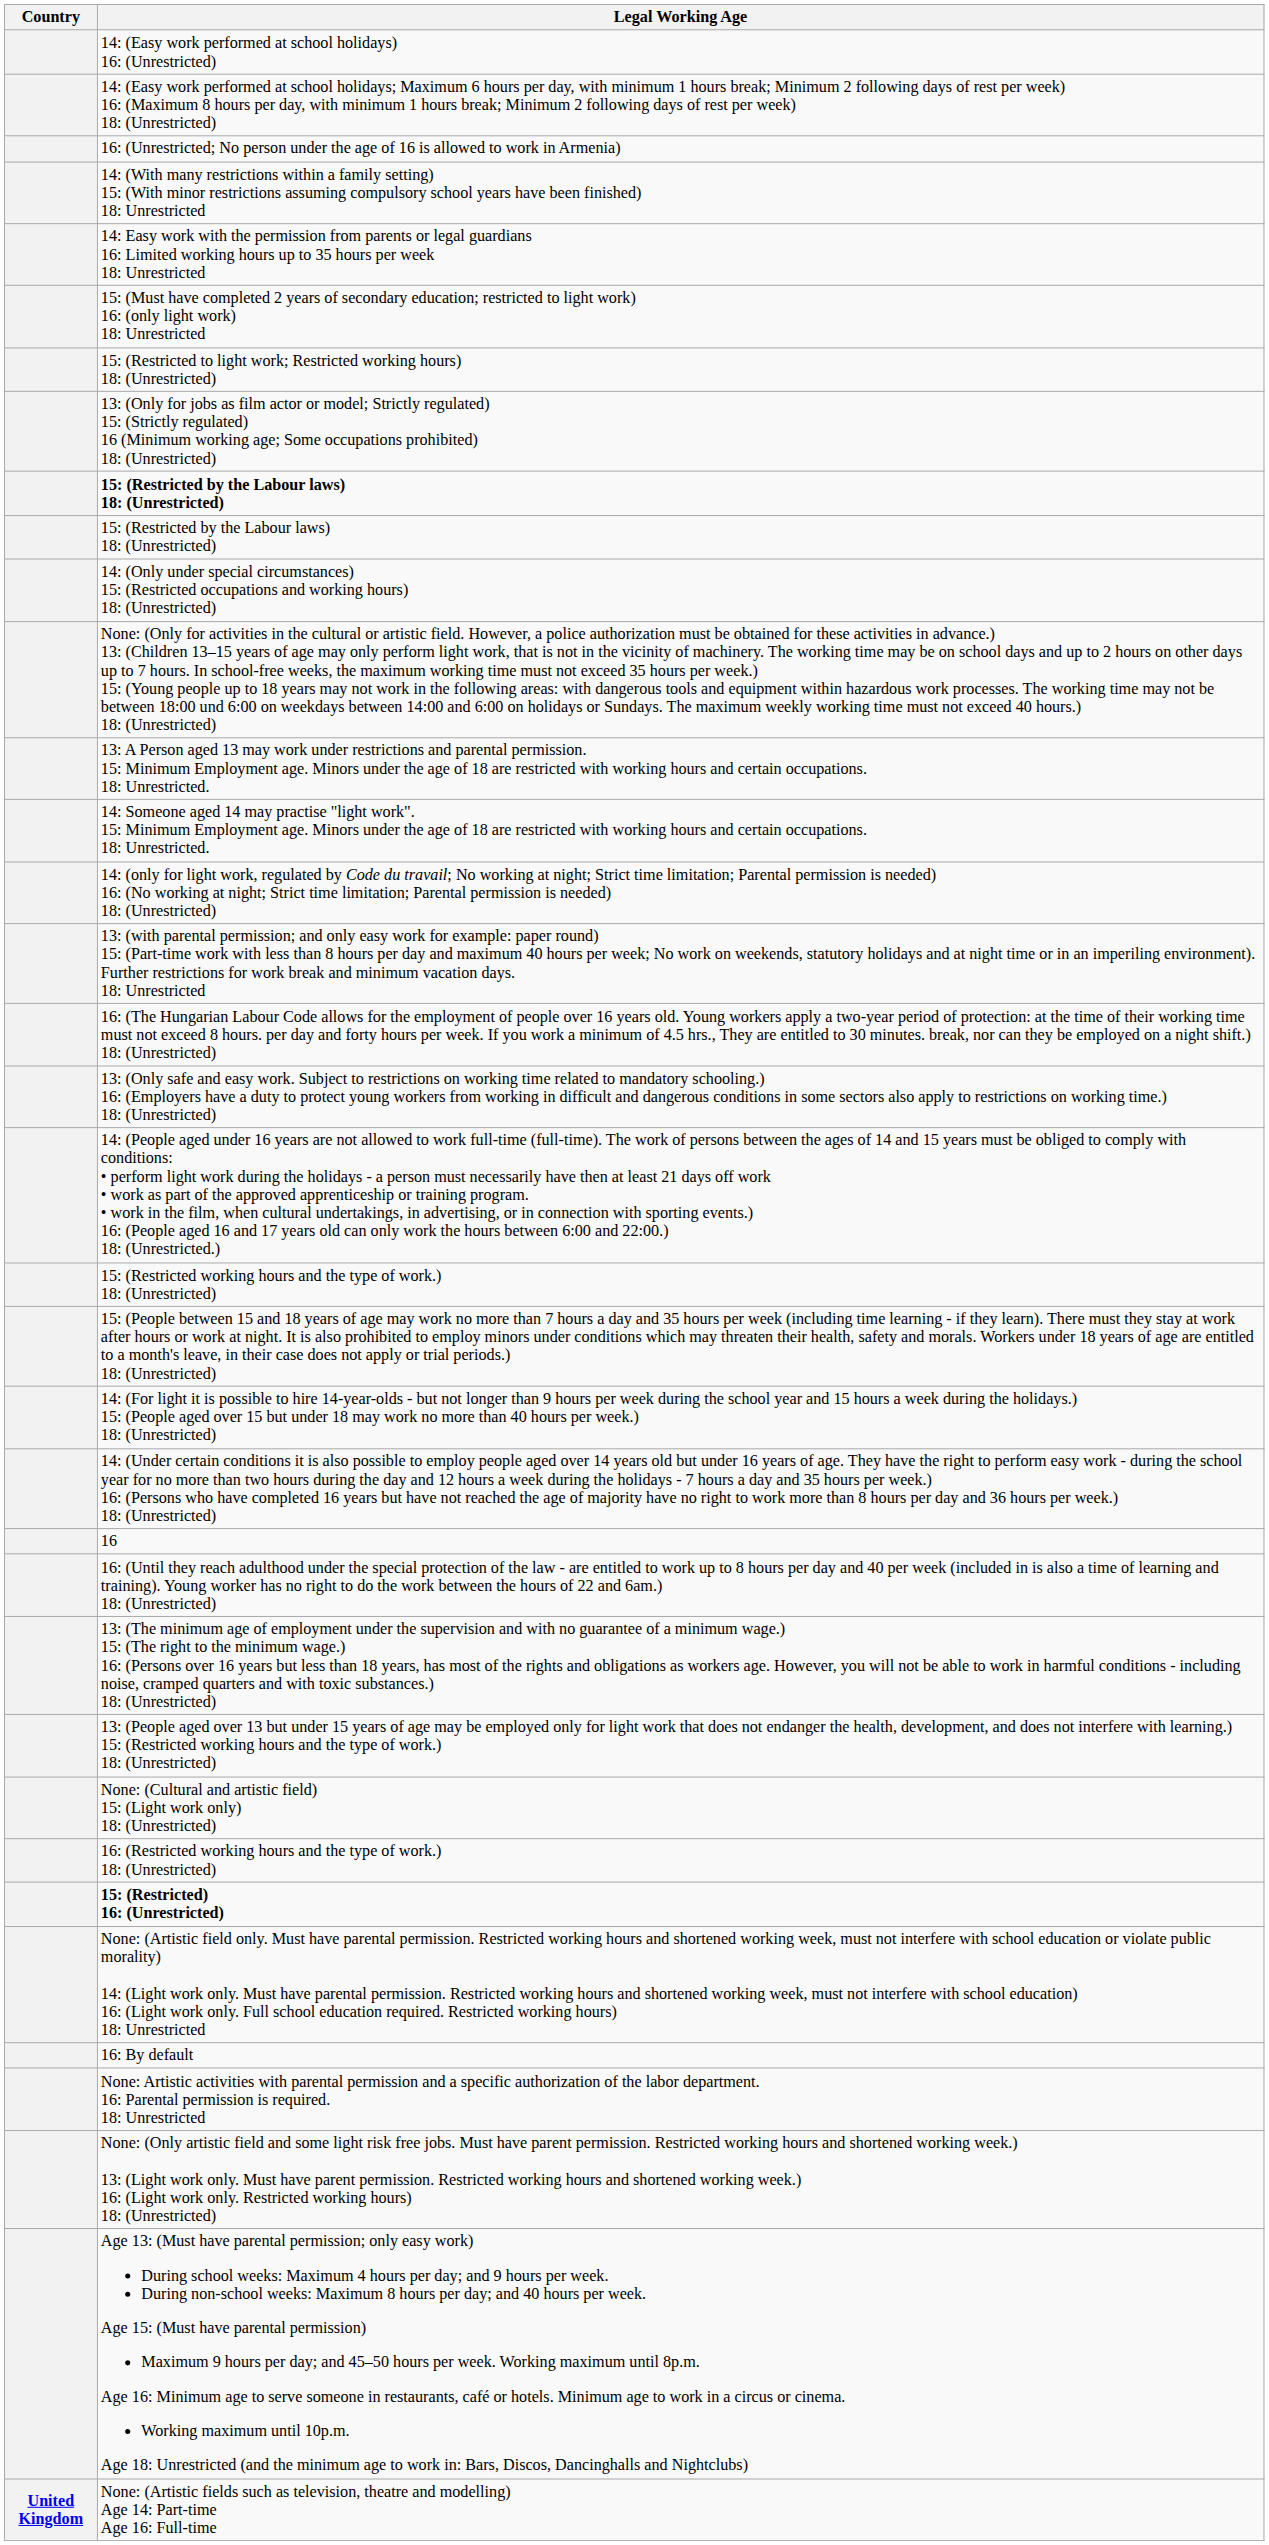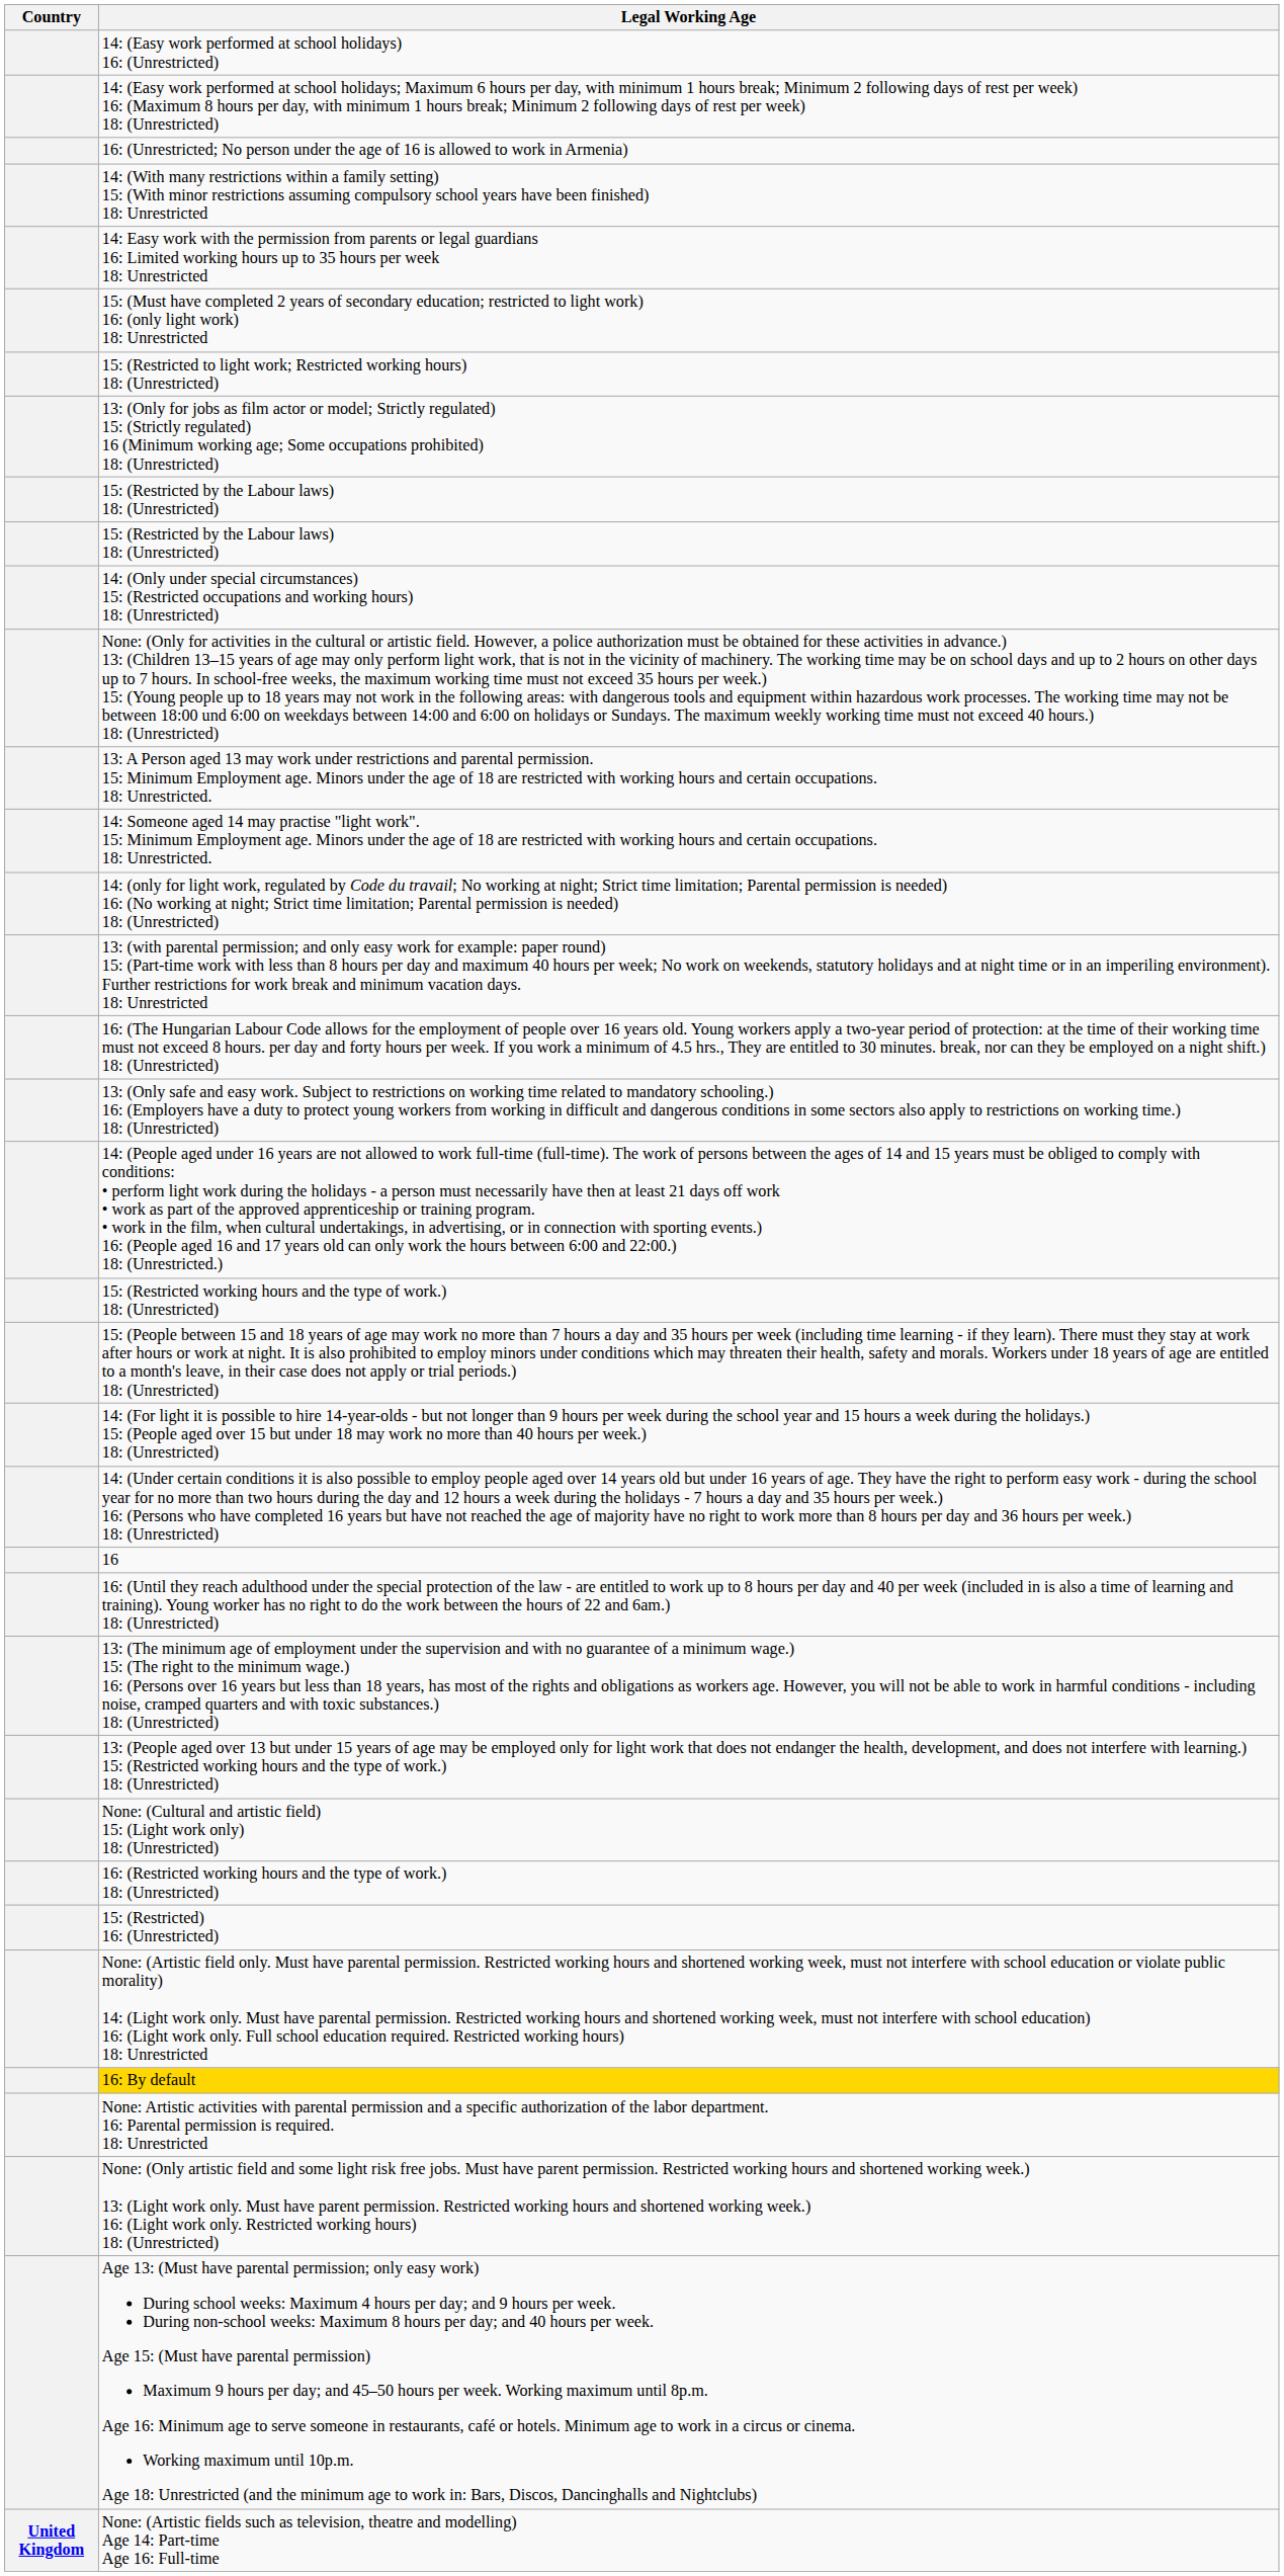 <table class="wikitable">
 <tr>
 <th>Country</th>
 <th>Legal Working Age</th>
 </tr>
 <tr>
 <th style="text-align: left;"></th>
 <td>14: (Easy work performed at school holidays)<br>16: (Unrestricted)</td>
 </tr>
 <tr>
 <th style="text-align: left;"></th>
 <td>14: (Easy work performed at school holidays; Maximum 6 hours per day, with minimum 1 hours break; Minimum 2 following days of rest per week)<br> 16: (Maximum 8 hours per day, with minimum 1 hours break; Minimum 2 following days of rest per week)<br>18: (Unrestricted)</td>
 </tr>
 <tr>
 <th style="text-align: left;"></th>
 <td>16: (Unrestricted; No person under the age of 16 is allowed to work in Armenia)</td>
 </tr>
 <tr>
 <th style="text-align: left;"></th>
 <td>14: (With many restrictions within a family setting)<br> 15: (With minor restrictions assuming compulsory school years have been finished)<br> 18: Unrestricted</td>
 </tr>
 <tr>
 <th style="text-align: left;"></th>
 <td>14: Easy work with the permission from parents or legal guardians<br> 16: Limited working hours up to 35 hours per week<br> 18: Unrestricted</td>
 </tr>
 <tr>
 <th style="text-align: left;"></th>
 <td>15: (Must have completed 2 years of secondary education; restricted to light work)<br>16: (only light work)<br>18: Unrestricted</td>
 </tr>
 <tr>
 <th style="text-align: left;"></th>
 <td>15: (Restricted to light work; Restricted working hours)<br>18: (Unrestricted)</td>
 </tr>
 <tr>
 <th style="text-align: left;"></th>
 <td>13: (Only for jobs as film actor or model; Strictly regulated)<br>15: (Strictly regulated)<br>16 (Minimum working age; Some occupations prohibited)<br>18: (Unrestricted)</td>
 </tr>
 <tr>
 <th style="text-align: left;"></th>
-<td><strong>15: (Restricted by the Labour laws)<br>18: (Unrestricted)</strong></td>
+<td>15: (Restricted by the Labour laws)<br>18: (Unrestricted)</td>
 </tr>
 <tr>
 <th style="text-align: left;"></th>
 <td>15: (Restricted by the Labour laws)<br>18: (Unrestricted)</td>
 </tr>
 <tr>
 <th style="text-align: left;"></th>
 <td>14: (Only under special circumstances)<br>15: (Restricted occupations and working hours)<br>18: (Unrestricted)</td>
 </tr>
 <tr>
 <th style="text-align: left;"></th>
 <td>None: (Only for activities in the cultural or artistic field. However, a police authorization must be obtained for these activities in advance.)<br>13: (Children 13–15 years of age may only perform light work, that is not in the vicinity of machinery. The working time may be on school days and up to 2 hours on other days up to 7 hours. In school-free weeks, the maximum working time must not exceed 35 hours per week.)<br>15: (Young people up to 18 years may not work in the following areas: with dangerous tools and equipment within hazardous work processes. The working time may not be between 18:00 und 6:00 on weekdays between 14:00 and 6:00 on holidays or Sundays. The maximum weekly working time must not exceed 40 hours.)<br>18: (Unrestricted)</td>
 </tr>
 <tr>
 <th style="text-align: left;"></th>
 <td>13: A Person aged 13 may work under restrictions and parental permission.<br> 15: Minimum Employment age. Minors under the age of 18 are restricted with working hours and certain occupations.<br> 18: Unrestricted.</td>
 </tr>
 <tr>
 <th style="text-align: left;"></th>
 <td>14: Someone aged 14 may practise "light work".<br>15: Minimum Employment age. Minors under the age of 18 are restricted with working hours and certain occupations.<br>18: Unrestricted.</td>
 </tr>
 <tr>
 <th style="text-align: left;"></th>
 <td>14: (only for light work, regulated by <em>Code du travail</em>; No working at night; Strict time limitation; Parental permission is needed)<br>  16: (No working at night; Strict time limitation; Parental permission is needed)<br> 18: (Unrestricted)</td>
 </tr>
 <tr>
 <th style="text-align: left;"></th>
 <td>13: (with parental permission; and only easy work for example: paper round)<br> 15: (Part-time work with less than 8 hours per day and maximum 40 hours per week; No work on weekends, statutory holidays and at night time or in an imperiling environment). Further restrictions for work break and minimum vacation days.<br>18: Unrestricted</td>
 </tr>
 <tr>
 <th style="text-align: left;"></th>
 <td>16: (The Hungarian Labour Code allows for the employment of people over 16 years old. Young workers apply a two-year period of protection: at the time of their working time must not exceed 8 hours. per day and forty hours per week. If you work a minimum of 4.5 hrs., They are entitled to 30 minutes. break, nor can they be employed on a night shift.)<br> 18: (Unrestricted)</td>
 </tr>
 <tr>
 <th style="text-align: left;"></th>
 <td>13: (Only safe and easy work. Subject to restrictions on working time related to mandatory schooling.)<br> 16: (Employers have a duty to protect young workers from working in difficult and dangerous conditions in some sectors also apply to restrictions on working time.)<br> 18: (Unrestricted)</td>
 </tr>
 <tr>
 <th style="text-align: left;"></th>
 <td>14: (People aged under 16 years are not allowed to work full-time (full-time). The work of persons between the ages of 14 and 15 years must be obliged to comply with conditions:<br>• perform light work during the holidays - a person must necessarily have then at least 21 days off work<br>• work as part of the approved apprenticeship or training program.<br>• work in the film, when cultural undertakings, in advertising, or in connection with sporting events.)<br> 16: (People aged 16 and 17 years old can only work the hours between 6:00 and 22:00.)<br>18: (Unrestricted.)</td>
 </tr>
 <tr>
 <th style="text-align: left;"></th>
 <td>15: (Restricted working hours and the type of work.)<br> 18: (Unrestricted)</td>
 </tr>
 <tr>
 <th style="text-align: left;"></th>
 <td>15: (People between 15 and 18 years of age may work no more than 7 hours a day and 35 hours per week (including time learning - if they learn). There must they stay at work after hours or work at night. It is also prohibited to employ minors under conditions which may threaten their health, safety and morals. Workers under 18 years of age are entitled to a month's leave, in their case does not apply or trial periods.)<br> 18: (Unrestricted)</td>
 </tr>
 <tr>
 <th style="text-align: left;"></th>
 <td>14: (For light it is possible to hire 14-year-olds - but not longer than 9 hours per week during the school year and 15 hours a week during the holidays.)<br> 15: (People aged over 15 but under 18 may work no more than 40 hours per week.)<br> 18: (Unrestricted)</td>
 </tr>
 <tr>
 <th style="text-align: left;"></th>
 <td>14: (Under certain conditions it is also possible to employ people aged over 14 years old but under 16 years of age. They have the right to perform easy work - during the school year for no more than two hours during the day and 12 hours a week during the holidays - 7 hours a day and 35 hours per week.)<br> 16: (Persons who have completed 16 years but have not reached the age of majority have no right to work more than 8 hours per day and 36 hours per week.)<br> 18: (Unrestricted)</td>
 </tr>
 <tr>
 <th style="text-align: left;"></th>
 <td>16</td>
 </tr>
 <tr>
 <th style="text-align: left;"></th>
 <td>16: (Until they reach adulthood under the special protection of the law - are entitled to work up to 8 hours per day and 40 per week (included in is also a time of learning and training). Young worker has no right to do the work between the hours of 22 and 6am.)<br>18: (Unrestricted)</td>
 </tr>
 <tr>
 <th style="text-align: left;"></th>
 <td>13: (The minimum age of employment under the supervision and with no guarantee of a minimum wage.)<br> 15: (The right to the minimum wage.)<br> 16: (Persons over 16 years but less than 18 years, has most of the rights and obligations as workers age. However, you will not be able to work in harmful conditions - including noise, cramped quarters and with toxic substances.)<br>18: (Unrestricted)</td>
 </tr>
 <tr>
 <th style="text-align: left;"></th>
 <td>13: (People aged over 13 but under 15 years of age may be employed only for light work that does not endanger the health, development, and does not interfere with learning.)<br> 15: (Restricted working hours and the type of work.)<br>18: (Unrestricted)</td>
 </tr>
 <tr>
 <th style="text-align: left;"></th>
 <td>None: (Cultural and artistic field)<br>15: (Light work only)<br>18: (Unrestricted)</td>
 </tr>
 <tr>
 <th style="text-align: left;"></th>
 <td>16: (Restricted working hours and the type of work.)<br> 18: (Unrestricted)</td>
 </tr>
 <tr>
 <th style="text-align: left;"></th>
-<td><strong>15: (Restricted)<br>16: (Unrestricted)</strong></td>
+<td>15: (Restricted)<br>16: (Unrestricted)</td>
 </tr>
 <tr>
 <th style="text-align: left;"></th>
 <td>None: (Artistic field only. Must have parental permission. Restricted working hours and shortened working week, must not interfere with school education or violate public morality) <br><br>14: (Light work only. Must have parental permission. Restricted working hours and shortened working week, must not interfere with school education) <br> 16: (Light work only. Full school education required. Restricted working hours)<br> 18: Unrestricted</td>
 </tr>
 <tr>
 <th style="text-align: left;"></th>
-<td>16: By default</td>
+<td style="background: gold;">16: By default</td>
 </tr>
 <tr>
 <th style="text-align: left;"></th>
 <td>None: Artistic activities with parental permission and a specific authorization of the labor department.<br>16: Parental permission is required.<br>18: Unrestricted</td>
 </tr>
 <tr>
 <th style="text-align: left;"></th>
 <td>None: (Only artistic field and some light risk free jobs. Must have parent permission. Restricted working hours and shortened working week.)<br><br>13: (Light work only. Must have parent permission. Restricted working hours and shortened working week.)<br> 16: (Light work only. Restricted working hours)<br> 18: (Unrestricted)</td>
 </tr>
 <tr>
 <th style="text-align: left;"></th>
 <td>Age 13: (Must have parental permission; only easy work)<br><ul><li>During school weeks: Maximum 4 hours per day; and 9 hours per week.</li><li>During non-school weeks: Maximum 8 hours per day; and 40 hours per week.</li></ul>Age 15: (Must have parental permission)<ul><li>Maximum 9 hours per day; and 45–50 hours per week. Working maximum until 8p.m.</li></ul>Age 16: Minimum age to serve someone in restaurants, café or hotels. Minimum age to work in a circus or cinema.<ul><li>Working maximum until 10p.m.</li></ul>Age 18: Unrestricted (and the minimum age to work in: Bars, Discos, Dancinghalls and Nightclubs)</td>
 </tr>
 <tr>
 <th><a href='#'>United Kingdom</a></th>
 <td>None: (Artistic fields such as television, theatre and modelling)<br>Age 14: Part-time <br>Age 16: Full-time  </td>
 </tr>
 </table>
